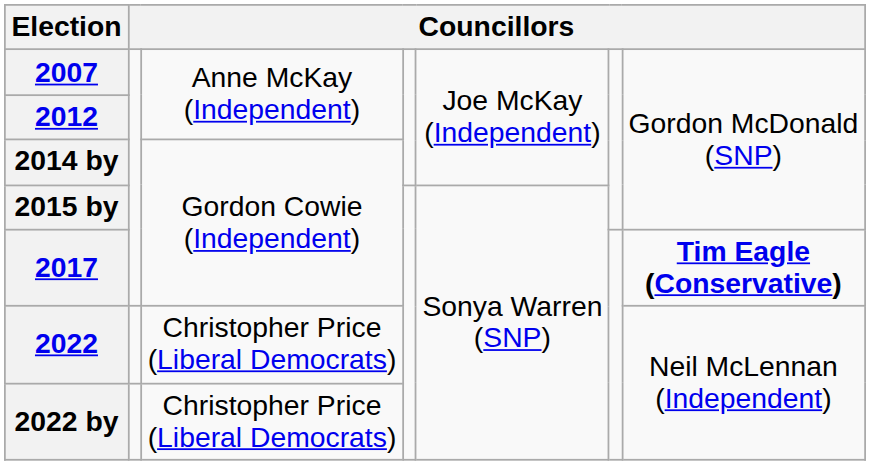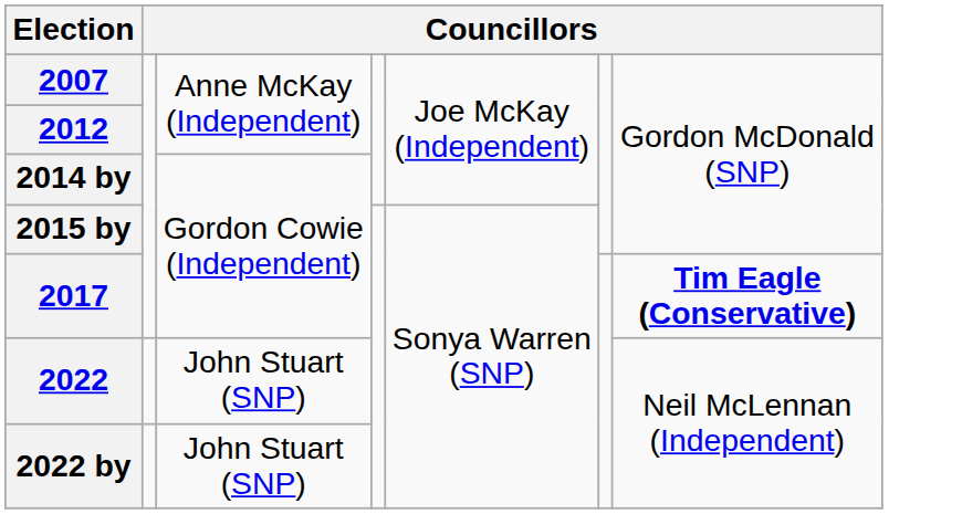 <table class="wikitable" style="text-align:center">
 <tr>
 <th>Election</th>
 <th colspan=8>Councillors</th>
 </tr>
 <tr>
 <th><a href='#'>2007</a></th>
 <td rowspan=5; style="background-color: "></td>
 <td rowspan=2>Anne McKay<br>(<a href='#'>Independent</a>)</td>
 <td rowspan=3; style="background-color: "></td>
 <td rowspan=3>Joe McKay<br>(<a href='#'>Independent</a>)</td>
 <td rowspan=4; style="background-color: "></td>
 <td rowspan=4>Gordon McDonald<br>(<a href='#'>SNP</a>)</td>
 </tr>
 <tr>
 <th><a href='#'>2012</a></th>
 </tr>
 <tr>
 <th>2014 by</th>
 <td rowspan=3>Gordon Cowie<br>(<a href='#'>Independent</a>)</td>
 </tr>
 <tr>
 <th>2015 by</th>
 <td rowspan=4; style="background-color: "></td>
 <td rowspan=4>Sonya Warren<br>(<a href='#'>SNP</a>)</td>
 </tr>
 <tr>
 <th><a href='#'>2017</a></th>
 <td rowspan=3; style="background-color: "></td>
 <td rowspan=1><strong><a href='#'>Tim Eagle</a><br>(<a href='#'>Conservative</a>)</strong></td>
 </tr>
 <tr>
 <th><a href='#'>2022</a></th>
 <td rowspan=1; style="background-color: "></td>
-<td rowspan=1>Christopher Price <br>(<a href='#'>Liberal Democrats</a>)</td>
+<td rowspan=1>John Stuart<br>(<a href='#'>SNP</a>)</td>
 <td rowspan=2>Neil McLennan<br>(<a href='#'>Independent</a>)</td>
 </tr>
 <tr>
 <th>2022 by</th>
 <td rowspan=1; style="background-color: "></td>
-<td rowspan=1>Christopher Price <br>(<a href='#'>Liberal Democrats</a>)</td>
+<td rowspan=1>John Stuart<br>(<a href='#'>SNP</a>)</td>
 </tr>
 </table>
